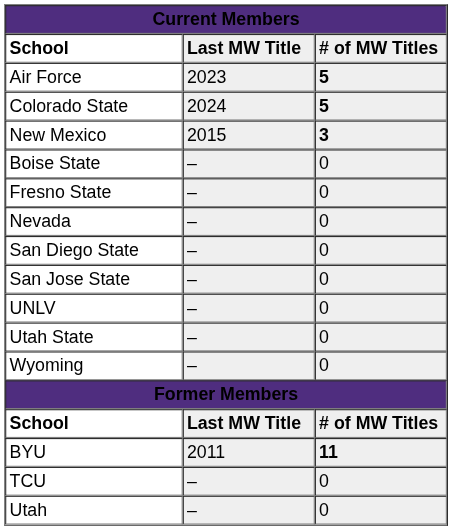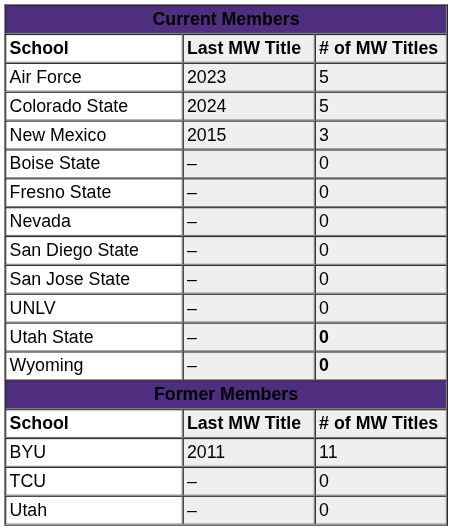 <table border="1" cellpadding="3" cellspacing="0" align="right" width="400px">
 <tr>
 <td colspan=4 align="center" bgcolor="#4F2D7F"><span><strong>Current Members</strong></span></td>
 </tr>
 <tr>
 <td style="background:#ffffff;" width="110"><strong>School</strong></td>
 <td style="background:#efefef;" width="80"><strong>Last MW Title</strong></td>
 <td style="background:#efefef;" width="80"><strong># of MW Titles</strong></td>
 </tr>
 <tr>
 <td bgcolor="#ffffff">Air Force</td>
 <td bgcolor="#efefef">2023</td>
-<td bgcolor="#efefef"><strong>5</strong></td>
+<td bgcolor="#efefef">5</td>
 </tr>
 <tr>
 <td bgcolor="#ffffff">Colorado State</td>
 <td bgcolor="#efefef">2024</td>
-<td bgcolor="#efefef"><strong>5</strong></td>
+<td bgcolor="#efefef">5</td>
 </tr>
 <tr>
 <td bgcolor="#ffffff">New Mexico</td>
 <td bgcolor="#efefef">2015</td>
-<td bgcolor="#efefef"><strong>3</strong></td>
+<td bgcolor="#efefef">3</td>
 </tr>
 <tr>
 <td bgcolor="#ffffff">Boise State</td>
 <td bgcolor="#efefef">–</td>
 <td bgcolor="#efefef">0</td>
 </tr>
 <tr>
 <td bgcolor="#ffffff">Fresno State</td>
 <td bgcolor="#efefef">–</td>
 <td bgcolor="#efefef">0</td>
 </tr>
 <tr>
 <td bgcolor="#ffffff">Nevada</td>
 <td bgcolor="#efefef">–</td>
 <td bgcolor="#efefef">0</td>
 </tr>
 <tr>
 <td bgcolor="#ffffff">San Diego State</td>
 <td bgcolor="#efefef">–</td>
 <td bgcolor="#efefef">0</td>
 </tr>
 <tr>
 <td bgcolor="#ffffff">San Jose State</td>
 <td bgcolor="#efefef">–</td>
 <td bgcolor="#efefef">0</td>
 </tr>
 <tr>
 <td bgcolor="#ffffff">UNLV</td>
 <td bgcolor="#efefef">–</td>
 <td bgcolor="#efefef">0</td>
 </tr>
 <tr>
 <td bgcolor="#ffffff">Utah State</td>
 <td bgcolor="#efefef">–</td>
-<td bgcolor="#efefef">0</td>
+<td bgcolor="#efefef"><strong>0</strong></td>
 </tr>
 <tr>
 <td bgcolor="#ffffff">Wyoming</td>
 <td bgcolor="#efefef">–</td>
-<td bgcolor="#efefef">0</td>
+<td bgcolor="#efefef"><strong>0</strong></td>
 </tr>
 <tr>
 <td colspan=4 align="center" bgcolor="#4F2D7F"><span><strong>Former Members</strong></span></td>
 </tr>
 <tr>
 <td style="background:#ffffff;" width="110"><strong>School</strong></td>
 <td style="background:#efefef;" width="80"><strong>Last MW Title</strong></td>
 <td style="background:#efefef;" width="80"><strong># of MW Titles</strong></td>
 </tr>
 <tr>
 <td bgcolor="#ffffff">BYU</td>
 <td bgcolor="#efefef">2011</td>
-<td bgcolor="#efefef"><strong>11</strong></td>
+<td bgcolor="#efefef">11</td>
 </tr>
 <tr>
 <td bgcolor="#ffffff">TCU</td>
 <td bgcolor="#efefef">–</td>
 <td bgcolor="#efefef">0</td>
 </tr>
 <tr>
 <td bgcolor="#ffffff">Utah</td>
 <td bgcolor="#efefef">–</td>
 <td bgcolor="#efefef">0</td>
 </tr>
 </table>
